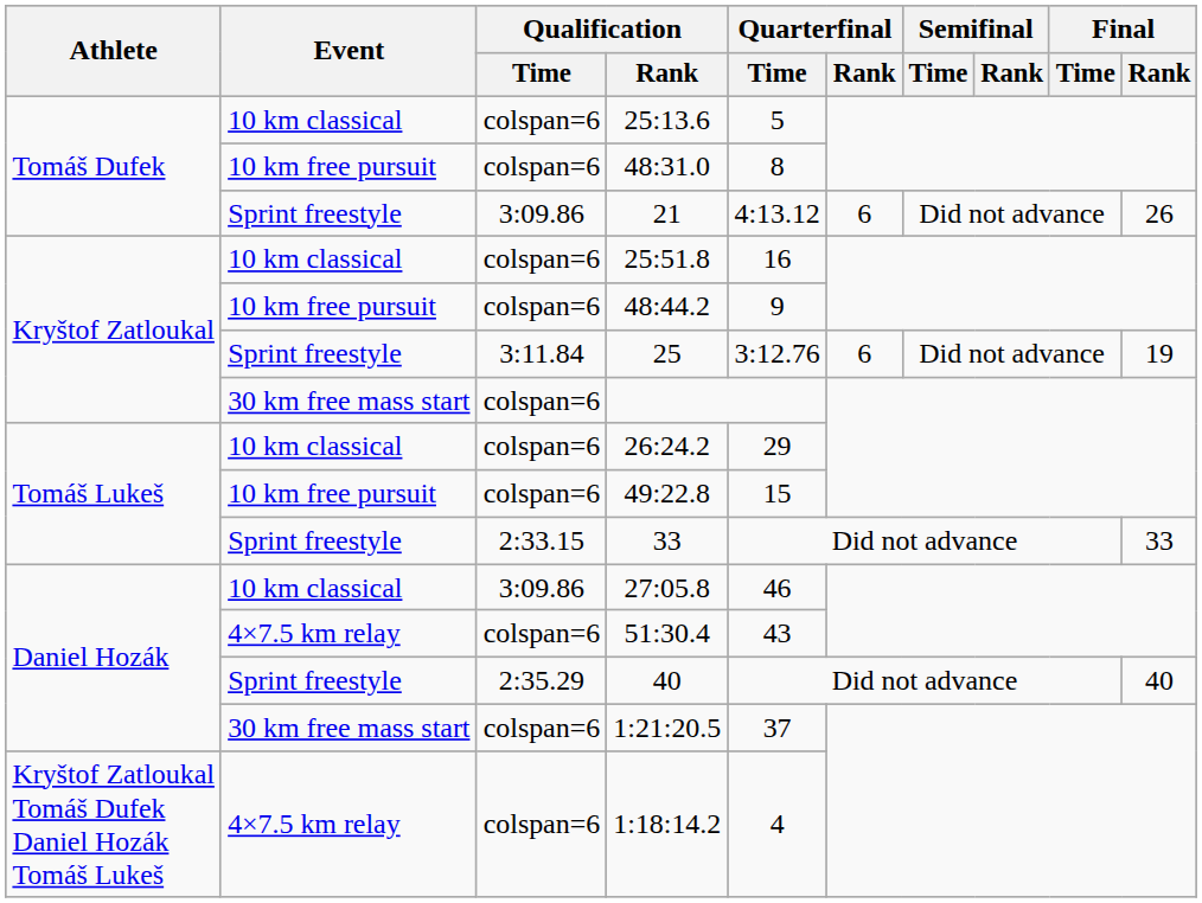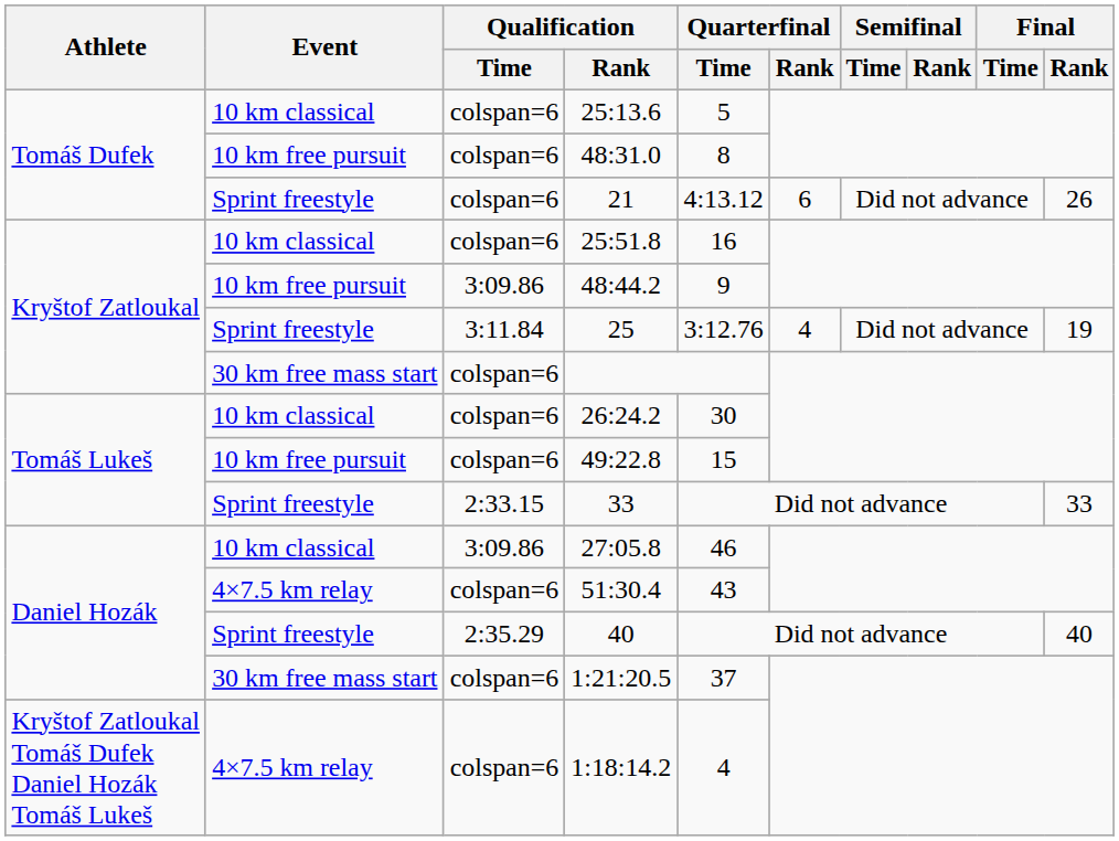 <table class="wikitable" style="font-size:90%">
 <tr>
 <th rowspan="2">Athlete</th>
 <th rowspan="2">Event</th>
 <th colspan="2">Qualification</th>
 <th colspan="2">Quarterfinal</th>
 <th colspan="2">Semifinal</th>
 <th colspan="2">Final</th>
 </tr>
 <tr style="font-size:95%">
 <th>Time</th>
 <th>Rank</th>
 <th>Time</th>
 <th>Rank</th>
 <th>Time</th>
 <th>Rank</th>
 <th>Time</th>
 <th>Rank</th>
 </tr>
 <tr align=center>
 <td rowspan="3" align="left"><a href='#'>Tomáš Dufek</a></td>
 <td align=left><a href='#'>10 km classical</a></td>
 <td>colspan=6 </td>
 <td>25:13.6</td>
 <td>5</td>
 </tr>
 <tr align=center>
 <td align=left><a href='#'>10 km free pursuit</a></td>
 <td>colspan=6</td>
 <td>48:31.0</td>
 <td>8</td>
 </tr>
 <tr align=center>
 <td align=left><a href='#'>Sprint freestyle</a></td>
-<td>3:09.86</td>
+<td>colspan=6</td>
 <td>21</td>
 <td>4:13.12</td>
 <td>6</td>
 <td colspan="3">Did not advance</td>
 <td>26</td>
 </tr>
 <tr align=center>
 <td rowspan="4" align="left"><a href='#'>Kryštof Zatloukal</a></td>
 <td align=left><a href='#'>10 km classical</a></td>
 <td>colspan=6</td>
 <td>25:51.8</td>
 <td>16</td>
 </tr>
 <tr align=center>
 <td align=left><a href='#'>10 km free pursuit</a></td>
-<td>colspan=6</td>
+<td>3:09.86</td>
 <td>48:44.2</td>
 <td>9</td>
 </tr>
 <tr align=center>
 <td align=left><a href='#'>Sprint freestyle</a></td>
 <td>3:11.84</td>
 <td>25</td>
 <td>3:12.76</td>
-<td>6</td>
+<td>4</td>
 <td colspan="3">Did not advance</td>
 <td>19</td>
 </tr>
 <tr align=center>
 <td align=left><a href='#'>30 km free mass start</a></td>
 <td>colspan=6</td>
 <td colspan="2"></td>
 </tr>
 <tr align = center>
 <td rowspan="3" align= left><a href='#'>Tomáš Lukeš</a></td>
 <td align=left><a href='#'>10 km classical</a></td>
 <td>colspan=6</td>
 <td>26:24.2</td>
-<td>29</td>
+<td>30</td>
 </tr>
 <tr align = center>
 <td align=left><a href='#'>10 km free pursuit</a></td>
 <td>colspan=6</td>
 <td>49:22.8</td>
 <td>15</td>
 </tr>
 <tr align = center>
 <td align=left><a href='#'>Sprint freestyle</a></td>
 <td>2:33.15</td>
 <td>33</td>
 <td colspan="5">Did not advance</td>
 <td>33</td>
 </tr>
 <tr align=center>
 <td rowspan="4" align=left><a href='#'>Daniel Hozák</a></td>
 <td align=left><a href='#'>10 km classical</a></td>
 <td>3:09.86</td>
 <td>27:05.8</td>
 <td>46</td>
 </tr>
 <tr align = center>
 <td align=left><a href='#'>4×7.5 km relay</a></td>
 <td>colspan=6</td>
 <td>51:30.4</td>
 <td>43</td>
 </tr>
 <tr align = center>
 <td align=left><a href='#'>Sprint freestyle</a></td>
 <td>2:35.29</td>
 <td>40</td>
 <td colspan="5">Did not advance</td>
 <td>40</td>
 </tr>
 <tr align=center>
 <td align=left><a href='#'>30 km free mass start</a></td>
 <td>colspan=6</td>
 <td>1:21:20.5</td>
 <td>37</td>
 </tr>
 <tr align = center>
 <td align=left><a href='#'>Kryštof Zatloukal</a><br><a href='#'>Tomáš Dufek</a><br><a href='#'>Daniel Hozák</a><br><a href='#'>Tomáš Lukeš</a></td>
 <td align=left><a href='#'>4×7.5 km relay</a></td>
 <td>colspan=6</td>
 <td>1:18:14.2</td>
 <td>4</td>
 </tr>
 </table>
